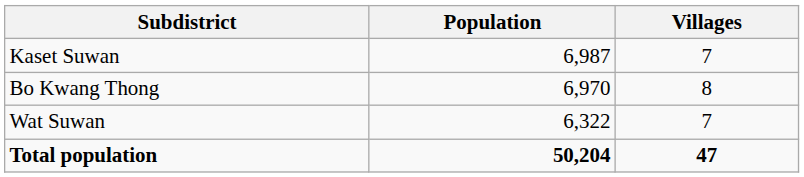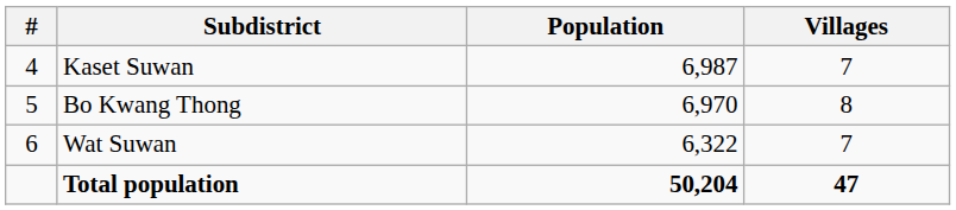 <table class="wikitable" style="width:48%; display:inline-table;">
 <tr>
+<th>#</th>
 <th>Subdistrict</th>
 <th>Population</th>
 <th>Villages</th>
 </tr>
 <tr>
+<td style="text-align:center;">4</td>
 <td>Kaset Suwan</td>
 <td style="text-align:right;">6,987</td>
 <td style="text-align:center;">7</td>
 </tr>
 <tr>
+<td style="text-align:center;">5</td>
 <td>Bo Kwang Thong</td>
 <td style="text-align:right;">6,970</td>
 <td style="text-align:center;">8</td>
 </tr>
 <tr>
+<td style="text-align:center;">6</td>
 <td>Wat Suwan</td>
 <td style="text-align:right;">6,322</td>
 <td style="text-align:center;">7</td>
 </tr>
 <tr>
+<td></td>
 <td><strong>Total population</strong></td>
 <td style="text-align:right;"><strong>50,204</strong></td>
 <td style="text-align:center;"><strong>47</strong></td>
 </tr>
 </table>
